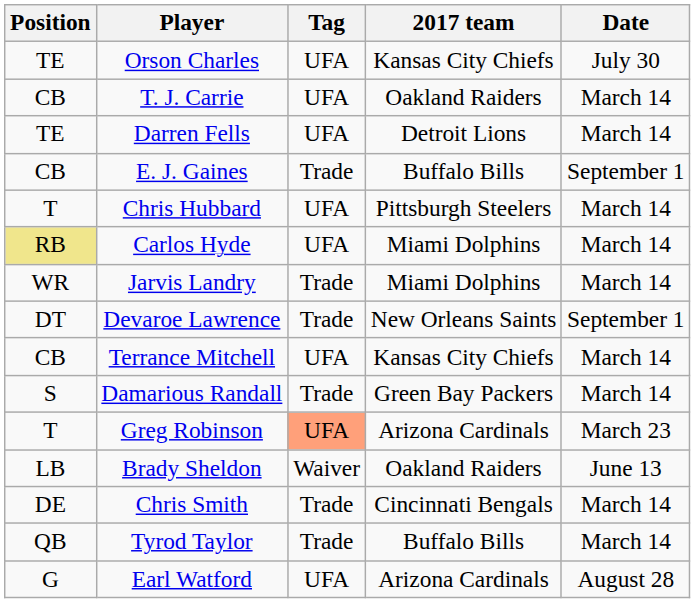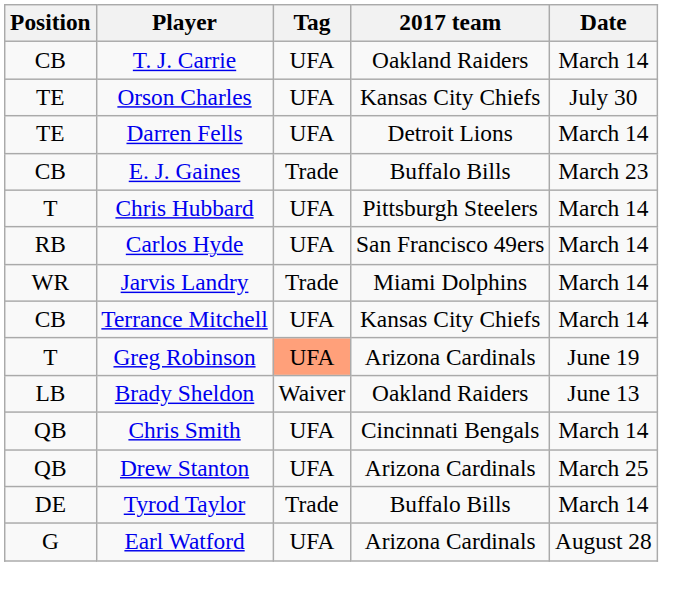 <table class="wikitable" style="text-align:center">
 <tr>
 <th>Position</th>
 <th>Player</th>
 <th>Tag</th>
 <th>2017 team</th>
 <th>Date</th>
 </tr>
 <tr>
+<td>CB</td>
+<td><a href='#'>T. J. Carrie</a></td>
+<td>UFA</td>
+<td>Oakland Raiders</td>
+<td>March 14</td>
+</tr>
+<tr>
 <td>TE</td>
 <td><a href='#'>Orson Charles</a></td>
 <td>UFA</td>
 <td>Kansas City Chiefs</td>
 <td>July 30</td>
-</tr>
-<tr>
-<td>CB</td>
-<td><a href='#'>T. J. Carrie</a></td>
-<td>UFA</td>
-<td>Oakland Raiders</td>
-<td>March 14</td>
 </tr>
 <tr>
 <td>TE</td>
 <td><a href='#'>Darren Fells</a></td>
 <td>UFA</td>
 <td>Detroit Lions</td>
 <td>March 14</td>
 </tr>
 <tr>
 <td>CB</td>
 <td><a href='#'>E. J. Gaines</a></td>
 <td>Trade</td>
 <td>Buffalo Bills</td>
-<td>September 1</td>
+<td>March 23</td>
 </tr>
 <tr>
 <td>T</td>
 <td><a href='#'>Chris Hubbard</a></td>
 <td>UFA</td>
 <td>Pittsburgh Steelers</td>
 <td>March 14</td>
 </tr>
 <tr>
-<td style="background: khaki;">RB</td>
+<td>RB</td>
 <td><a href='#'>Carlos Hyde</a></td>
 <td>UFA</td>
-<td>Miami Dolphins</td>
+<td>San Francisco 49ers</td>
 <td>March 14</td>
 </tr>
 <tr>
 <td>WR</td>
 <td><a href='#'>Jarvis Landry</a></td>
 <td>Trade</td>
 <td>Miami Dolphins</td>
 <td>March 14</td>
 </tr>
 <tr>
-<td>DT</td>
-<td><a href='#'>Devaroe Lawrence</a></td>
-<td>Trade</td>
-<td>New Orleans Saints</td>
-<td>September 1</td>
-</tr>
-<tr>
 <td>CB</td>
 <td><a href='#'>Terrance Mitchell</a></td>
 <td>UFA</td>
 <td>Kansas City Chiefs</td>
 <td>March 14</td>
 </tr>
 <tr>
-<td>S</td>
-<td><a href='#'>Damarious Randall</a></td>
-<td>Trade</td>
-<td>Green Bay Packers</td>
-<td>March 14</td>
-</tr>
-<tr>
 <td>T</td>
 <td><a href='#'>Greg Robinson</a></td>
 <td style="background: lightsalmon;">UFA</td>
 <td>Arizona Cardinals</td>
-<td>March 23</td>
+<td>June 19</td>
 </tr>
 <tr>
 <td>LB</td>
 <td><a href='#'>Brady Sheldon</a></td>
 <td>Waiver</td>
 <td>Oakland Raiders</td>
 <td>June 13</td>
 </tr>
 <tr>
-<td>DE</td>
+<td>QB</td>
 <td><a href='#'>Chris Smith</a></td>
-<td>Trade</td>
+<td>UFA</td>
 <td>Cincinnati Bengals</td>
 <td>March 14</td>
 </tr>
 <tr>
 <td>QB</td>
+<td><a href='#'>Drew Stanton</a></td>
+<td>UFA</td>
+<td>Arizona Cardinals</td>
+<td>March 25</td>
+</tr>
+<tr>
+<td>DE</td>
 <td><a href='#'>Tyrod Taylor</a></td>
 <td>Trade</td>
 <td>Buffalo Bills</td>
 <td>March 14</td>
 </tr>
 <tr>
 <td>G</td>
 <td><a href='#'>Earl Watford</a></td>
 <td>UFA</td>
 <td>Arizona Cardinals</td>
 <td>August 28</td>
 </tr>
 </table>
